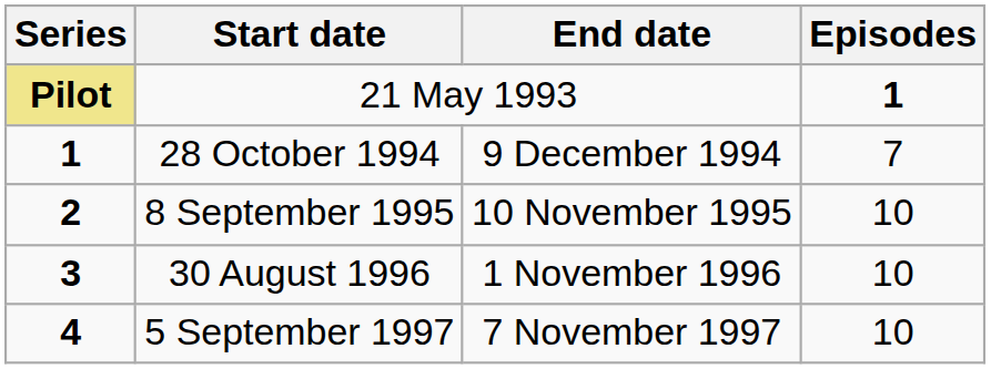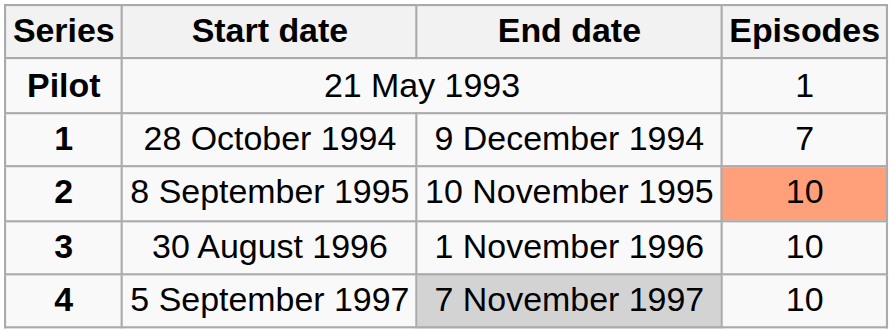 <table class="wikitable" style="text-align:center;">
 <tr>
 <th>Series</th>
 <th>Start date</th>
 <th>End date</th>
 <th>Episodes</th>
 </tr>
 <tr>
-<td style="background: khaki;"><strong>Pilot</strong></td>
+<td><strong>Pilot</strong></td>
 <td colspan="2">21 May 1993</td>
-<td><strong>1</strong></td>
+<td>1</td>
 </tr>
 <tr>
 <td><strong>1</strong></td>
 <td>28 October 1994</td>
 <td>9 December 1994</td>
 <td>7</td>
 </tr>
 <tr>
 <td><strong>2</strong></td>
 <td>8 September 1995</td>
 <td>10 November 1995</td>
-<td>10</td>
+<td style="background: lightsalmon;">10</td>
 </tr>
 <tr>
 <td><strong>3</strong></td>
 <td>30 August 1996</td>
 <td>1 November 1996</td>
 <td>10</td>
 </tr>
 <tr>
 <td><strong>4</strong></td>
 <td>5 September 1997</td>
-<td>7 November 1997</td>
+<td style="background: lightgrey;">7 November 1997</td>
 <td>10</td>
 </tr>
 </table>
